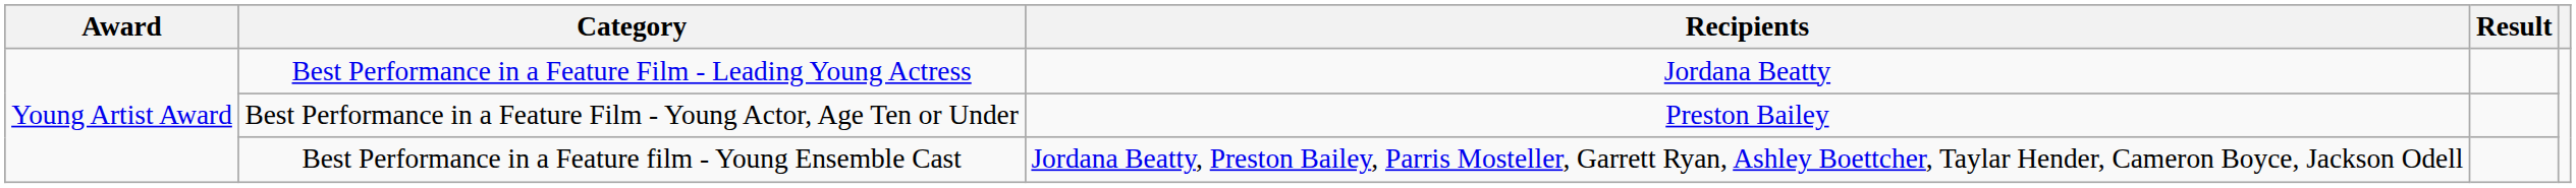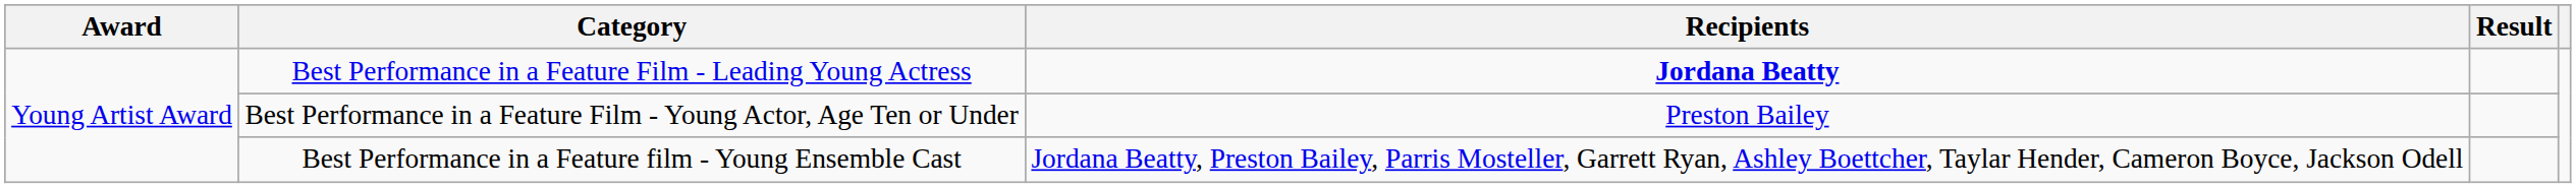 <table class="wikitable sortable plainrowheaders" style="text-align: center;">
 <tr>
 <th>Award</th>
 <th>Category</th>
 <th>Recipients</th>
 <th>Result</th>
 <th></th>
 </tr>
 <tr>
 <td rowspan=3><a href='#'>Young Artist Award</a></td>
 <td><a href='#'>Best Performance in a Feature Film - Leading Young Actress</a></td>
-<td><a href='#'>Jordana Beatty</a></td>
+<td><strong><a href='#'>Jordana Beatty</a></strong></td>
 <td></td>
 <td rowspan=3></td>
 </tr>
 <tr>
 <td>Best Performance in a Feature Film - Young Actor, Age Ten or Under</td>
 <td><a href='#'>Preston Bailey</a></td>
 <td></td>
 </tr>
 <tr>
 <td>Best Performance in a Feature film - Young Ensemble Cast</td>
 <td><a href='#'>Jordana Beatty</a>, <a href='#'>Preston Bailey</a>, <a href='#'>Parris Mosteller</a>, Garrett Ryan, <a href='#'>Ashley Boettcher</a>, Taylar Hender, Cameron Boyce, Jackson Odell</td>
 <td></td>
 </tr>
 </table>
